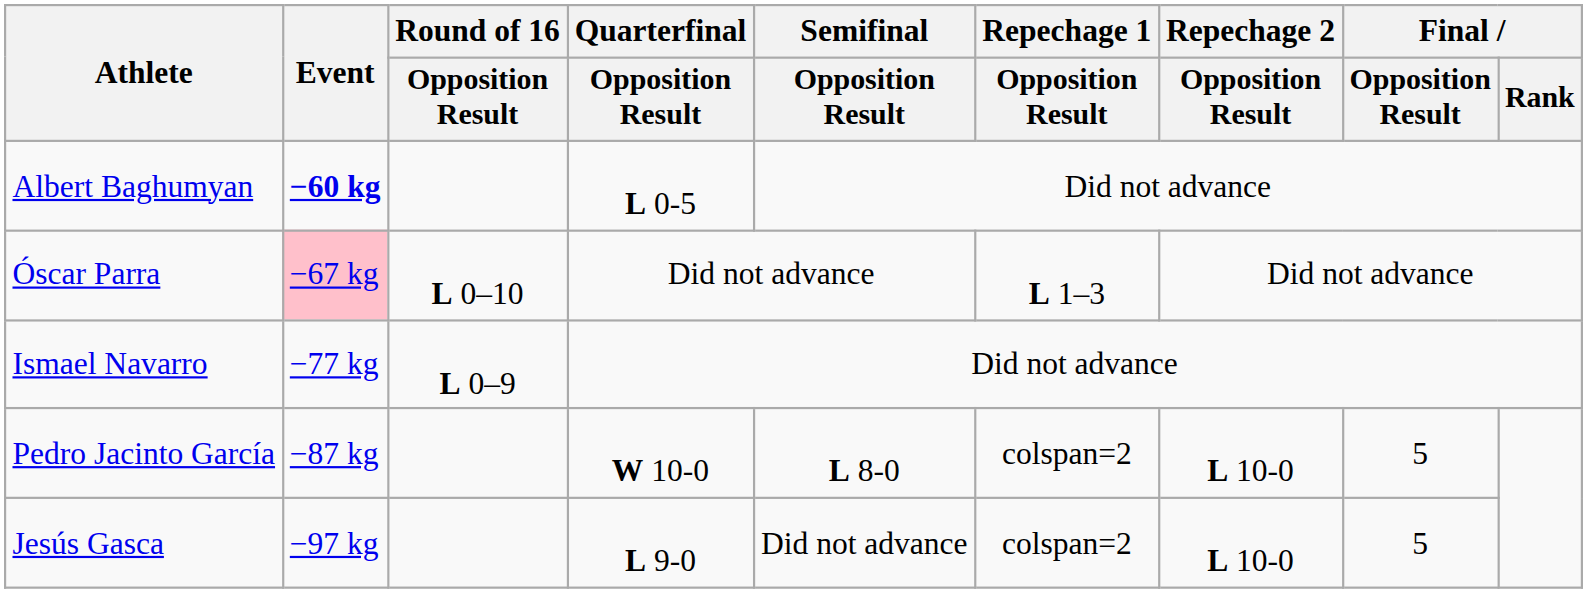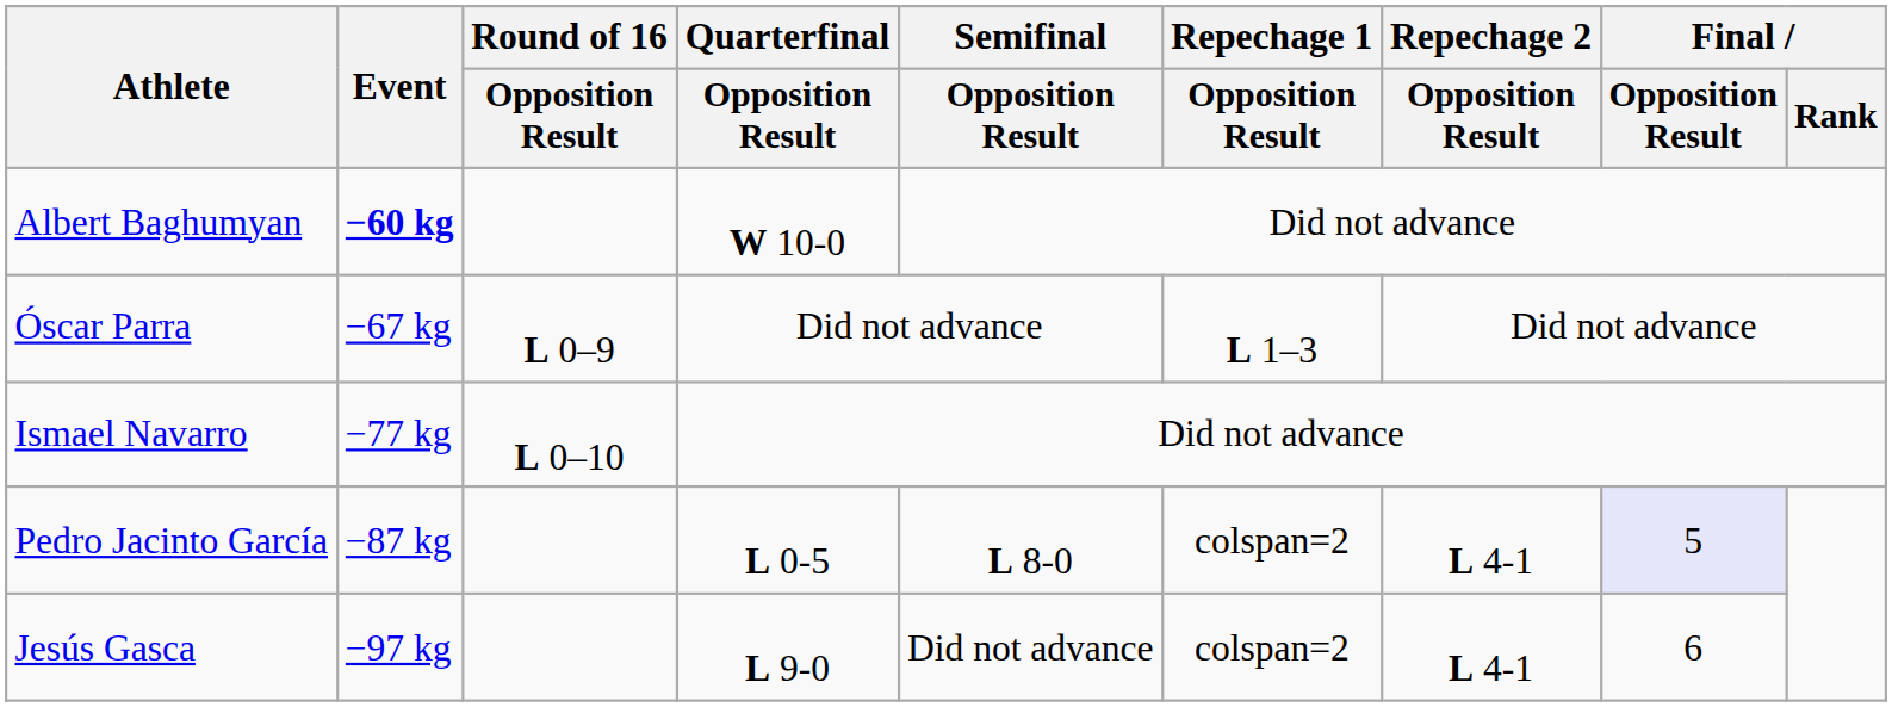 <table class="wikitable" style="font-size:90%">
 <tr>
 <th rowspan="2">Athlete</th>
 <th rowspan="2">Event</th>
 <th>Round of 16</th>
 <th>Quarterfinal</th>
 <th>Semifinal</th>
 <th>Repechage 1</th>
 <th>Repechage 2</th>
 <th colspan=2>Final / </th>
 </tr>
 <tr style="font-size: 95%">
 <th>Opposition<br>Result</th>
 <th>Opposition<br>Result</th>
 <th>Opposition<br>Result</th>
 <th>Opposition<br>Result</th>
 <th>Opposition<br>Result</th>
 <th>Opposition<br>Result</th>
 <th>Rank</th>
 </tr>
 <tr align=center>
 <td align=left><a href='#'>Albert Baghumyan</a></td>
 <td align=left><strong><a href='#'>−60 kg</a></strong></td>
 <td></td>
-<td><br><strong>L</strong> 0-5</td>
+<td><br><strong>W</strong> 10-0</td>
 <td colspan=5>Did not advance</td>
 </tr>
 <tr align=center>
 <td align=left><a href='#'>Óscar Parra</a></td>
-<td align=left style="background: pink;"><a href='#'>−67 kg</a></td>
-<td><br><strong>L</strong> 0–10</td>
+<td align=left><a href='#'>−67 kg</a></td>
+<td><br><strong>L</strong> 0–9</td>
 <td colspan=2>Did not advance</td>
 <td><br><strong>L</strong> 1–3</td>
 <td colspan=3>Did not advance</td>
 </tr>
 <tr align=center>
 <td align=left><a href='#'>Ismael Navarro</a></td>
 <td align=left><a href='#'>−77 kg</a></td>
-<td><br><strong>L</strong> 0–9</td>
+<td><br><strong>L</strong> 0–10</td>
 <td colspan=6>Did not advance</td>
 </tr>
 <tr align=center>
 <td align=left><a href='#'>Pedro Jacinto García</a></td>
 <td align=left><a href='#'>−87 kg</a></td>
 <td></td>
-<td><br><strong>W</strong> 10-0</td>
+<td><br><strong>L</strong> 0-5</td>
 <td><br><strong>L</strong> 8-0</td>
 <td>colspan=2 </td>
-<td><br><strong>L</strong> 10-0</td>
-<td>5</td>
+<td><br><strong>L</strong> 4-1</td>
+<td style="background: lavender;">5</td>
 </tr>
 <tr align=center>
 <td align=left><a href='#'>Jesús Gasca</a></td>
 <td align=left><a href='#'>−97 kg</a></td>
 <td></td>
 <td><br><strong>L</strong> 9-0</td>
 <td>Did not advance</td>
 <td>colspan=2 </td>
-<td><br><strong>L</strong> 10-0</td>
-<td>5</td>
+<td><br><strong>L</strong> 4-1</td>
+<td>6</td>
 </tr>
 </table>
